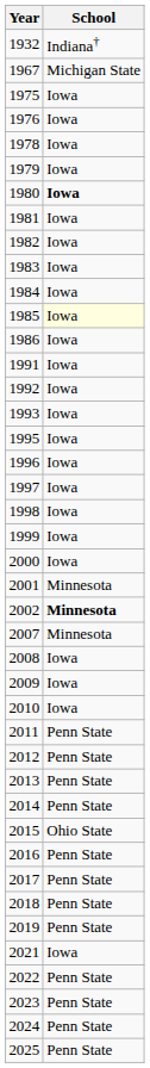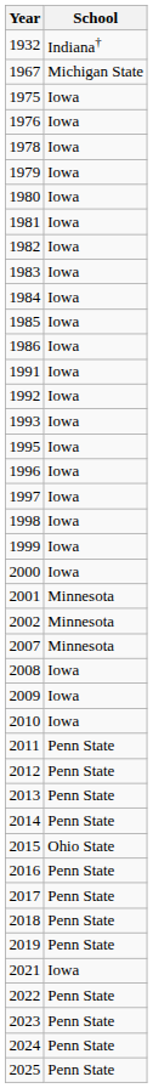 <table class="wikitable">
 <tr>
 <th>Year</th>
 <th>School</th>
 </tr>
 <tr>
 <td>1932</td>
 <td>Indiana<sup>†</sup></td>
 </tr>
 <tr>
 <td>1967</td>
 <td>Michigan State</td>
 </tr>
 <tr>
 <td>1975</td>
 <td>Iowa</td>
 </tr>
 <tr>
 <td>1976</td>
 <td>Iowa</td>
 </tr>
 <tr>
 <td>1978</td>
 <td>Iowa</td>
 </tr>
 <tr>
 <td>1979</td>
 <td>Iowa</td>
 </tr>
 <tr>
 <td>1980</td>
-<td><strong>Iowa</strong></td>
+<td>Iowa</td>
 </tr>
 <tr>
 <td>1981</td>
 <td>Iowa</td>
 </tr>
 <tr>
 <td>1982</td>
 <td>Iowa</td>
 </tr>
 <tr>
 <td>1983</td>
 <td>Iowa</td>
 </tr>
 <tr>
 <td>1984</td>
 <td>Iowa</td>
 </tr>
 <tr>
 <td>1985</td>
-<td style="background: lightyellow;">Iowa</td>
+<td>Iowa</td>
 </tr>
 <tr>
 <td>1986</td>
 <td>Iowa</td>
 </tr>
 <tr>
 <td>1991</td>
 <td>Iowa</td>
 </tr>
 <tr>
 <td>1992</td>
 <td>Iowa</td>
 </tr>
 <tr>
 <td>1993</td>
 <td>Iowa</td>
 </tr>
 <tr>
 <td>1995</td>
 <td>Iowa</td>
 </tr>
 <tr>
 <td>1996</td>
 <td>Iowa</td>
 </tr>
 <tr>
 <td>1997</td>
 <td>Iowa</td>
 </tr>
 <tr>
 <td>1998</td>
 <td>Iowa</td>
 </tr>
 <tr>
 <td>1999</td>
 <td>Iowa</td>
 </tr>
 <tr>
 <td>2000</td>
 <td>Iowa</td>
 </tr>
 <tr>
 <td>2001</td>
 <td>Minnesota</td>
 </tr>
 <tr>
 <td>2002</td>
-<td><strong>Minnesota</strong></td>
+<td>Minnesota</td>
 </tr>
 <tr>
 <td>2007</td>
 <td>Minnesota</td>
 </tr>
 <tr>
 <td>2008</td>
 <td>Iowa</td>
 </tr>
 <tr>
 <td>2009</td>
 <td>Iowa</td>
 </tr>
 <tr>
 <td>2010</td>
 <td>Iowa</td>
 </tr>
 <tr>
 <td>2011</td>
 <td>Penn State</td>
 </tr>
 <tr>
 <td>2012</td>
 <td>Penn State</td>
 </tr>
 <tr>
 <td>2013</td>
 <td>Penn State</td>
 </tr>
 <tr>
 <td>2014</td>
 <td>Penn State</td>
 </tr>
 <tr>
 <td>2015</td>
 <td>Ohio State</td>
 </tr>
 <tr>
 <td>2016</td>
 <td>Penn State</td>
 </tr>
 <tr>
 <td>2017</td>
 <td>Penn State</td>
 </tr>
 <tr>
 <td>2018</td>
 <td>Penn State</td>
 </tr>
 <tr>
 <td>2019</td>
 <td>Penn State</td>
 </tr>
 <tr>
 <td>2021</td>
 <td>Iowa</td>
 </tr>
 <tr>
 <td>2022</td>
 <td>Penn State</td>
 </tr>
 <tr>
 <td>2023</td>
 <td>Penn State</td>
 </tr>
 <tr>
 <td>2024</td>
 <td>Penn State</td>
 </tr>
 <tr>
 <td>2025</td>
 <td>Penn State</td>
 </tr>
 </table>
